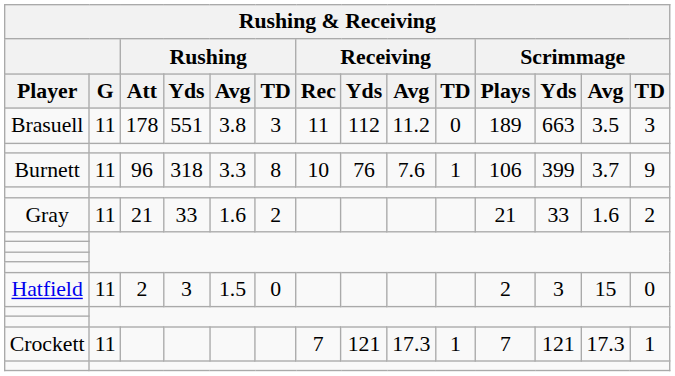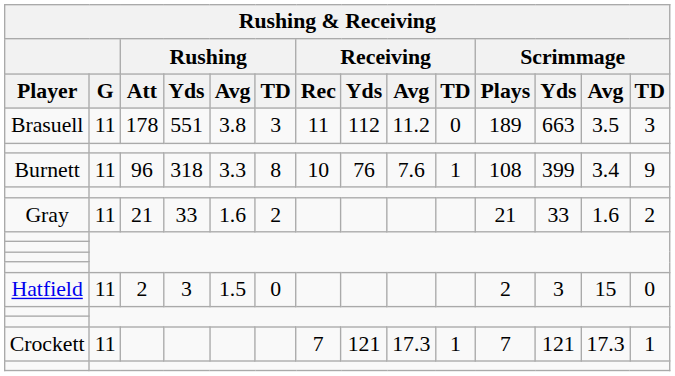 <table class="wikitable" style="text-align:center">
 <tr>
 <th colspan="14">Rushing & Receiving</th>
 </tr>
 <tr>
 <th colspan="2"></th>
 <th colspan="4">Rushing</th>
 <th colspan="4">Receiving</th>
 <th colspan="4">Scrimmage</th>
 </tr>
 <tr>
 <th>Player</th>
 <th>G</th>
 <th>Att</th>
 <th>Yds</th>
 <th>Avg</th>
 <th>TD</th>
 <th>Rec</th>
 <th>Yds</th>
 <th>Avg</th>
 <th>TD</th>
 <th>Plays</th>
 <th>Yds</th>
 <th>Avg</th>
 <th>TD</th>
 </tr>
 <tr>
 <td>Brasuell</td>
 <td>11</td>
 <td>178</td>
 <td>551</td>
 <td>3.8</td>
 <td>3</td>
 <td>11</td>
 <td>112</td>
 <td>11.2</td>
 <td>0</td>
 <td>189</td>
 <td>663</td>
 <td>3.5</td>
 <td>3</td>
 </tr>
 <tr>
 <td></td>
 </tr>
 <tr>
 <td>Burnett</td>
 <td>11</td>
 <td>96</td>
 <td>318</td>
 <td>3.3</td>
 <td>8</td>
 <td>10</td>
 <td>76</td>
 <td>7.6</td>
 <td>1</td>
-<td>106</td>
+<td>108</td>
 <td>399</td>
-<td>3.7</td>
+<td>3.4</td>
 <td>9</td>
 </tr>
 <tr>
 <td></td>
 </tr>
 <tr>
 <td>Gray</td>
 <td>11</td>
 <td>21</td>
 <td>33</td>
 <td>1.6</td>
 <td>2</td>
 <td></td>
 <td></td>
 <td></td>
 <td></td>
 <td>21</td>
 <td>33</td>
 <td>1.6</td>
 <td>2</td>
 </tr>
 <tr>
 <td></td>
 </tr>
 <tr>
 <td></td>
 </tr>
 <tr>
 <td></td>
 </tr>
 <tr>
 <td></td>
 </tr>
 <tr>
 <td><a href='#'>Hatfield</a></td>
 <td>11</td>
 <td>2</td>
 <td>3</td>
 <td>1.5</td>
 <td>0</td>
 <td></td>
 <td></td>
 <td></td>
 <td></td>
 <td>2</td>
 <td>3</td>
 <td>15</td>
 <td>0</td>
 </tr>
 <tr>
 <td></td>
 </tr>
 <tr>
 <td></td>
 </tr>
 <tr>
 <td>Crockett</td>
 <td>11</td>
 <td></td>
 <td></td>
 <td></td>
 <td></td>
 <td>7</td>
 <td>121</td>
 <td>17.3</td>
 <td>1</td>
 <td>7</td>
 <td>121</td>
 <td>17.3</td>
 <td>1</td>
 </tr>
 <tr>
 <td></td>
 </tr>
 </table>
